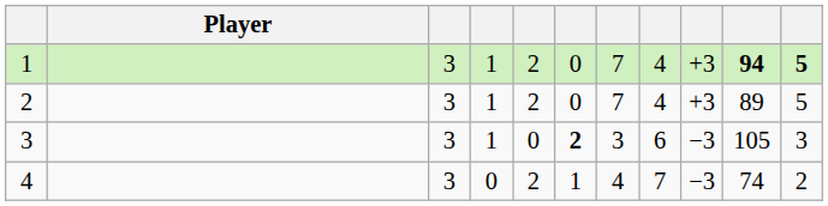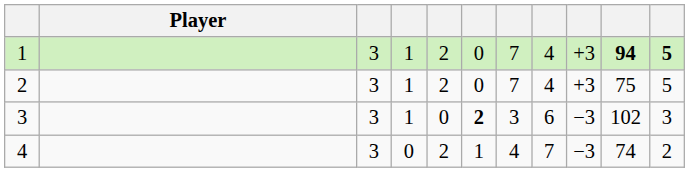 <table class="wikitable" style="text-align:center; margin: 1em auto 1em auto, align:left">
 <tr>
 <th width=20></th>
 <th width=240>Player</th>
 <th width=20></th>
 <th width=20></th>
 <th width=20></th>
 <th width=20></th>
 <th width=20></th>
 <th width=20></th>
 <th width=20></th>
 <th width=30></th>
 <th width=20></th>
 </tr>
 <tr style="background:#D0F0C0;">
 <td>1</td>
 <td align=left></td>
 <td>3</td>
 <td>1</td>
 <td>2</td>
 <td>0</td>
 <td>7</td>
 <td>4</td>
 <td>+3</td>
 <td><strong>94</strong></td>
 <td><strong>5</strong></td>
 </tr>
 <tr style=>
 <td>2</td>
 <td align=left></td>
 <td>3</td>
 <td>1</td>
 <td>2</td>
 <td>0</td>
 <td>7</td>
 <td>4</td>
 <td>+3</td>
-<td>89</td>
+<td>75</td>
 <td>5</td>
 </tr>
 <tr style=>
 <td>3</td>
 <td align=left></td>
 <td>3</td>
 <td>1</td>
 <td>0</td>
 <td><strong>2</strong></td>
 <td>3</td>
 <td>6</td>
 <td>−3</td>
-<td>105</td>
+<td>102</td>
 <td>3</td>
 </tr>
 <tr style=>
 <td>4</td>
 <td align=left></td>
 <td>3</td>
 <td>0</td>
 <td>2</td>
 <td>1</td>
 <td>4</td>
 <td>7</td>
 <td>−3</td>
 <td>74</td>
 <td>2</td>
 </tr>
 </table>
